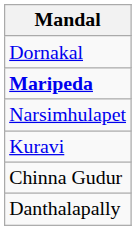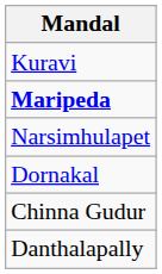 <table class="wikitable sortable static-row-numbers static-row-header-hash">
 <tr>
 <th>Mandal</th>
 </tr>
 <tr>
-<td><a href='#'>Dornakal</a></td>
+<td><a href='#'>Kuravi</a></td>
 </tr>
 <tr>
 <td><strong><a href='#'>Maripeda</a></strong></td>
 </tr>
 <tr>
 <td><a href='#'>Narsimhulapet</a></td>
 </tr>
 <tr>
-<td><a href='#'>Kuravi</a></td>
+<td><a href='#'>Dornakal</a></td>
 </tr>
 <tr>
 <td>Chinna Gudur</td>
 </tr>
 <tr>
 <td>Danthalapally</td>
 </tr>
 </table>
